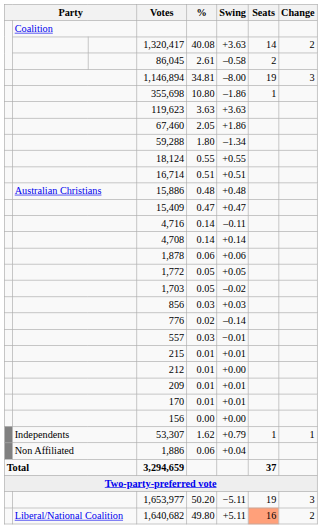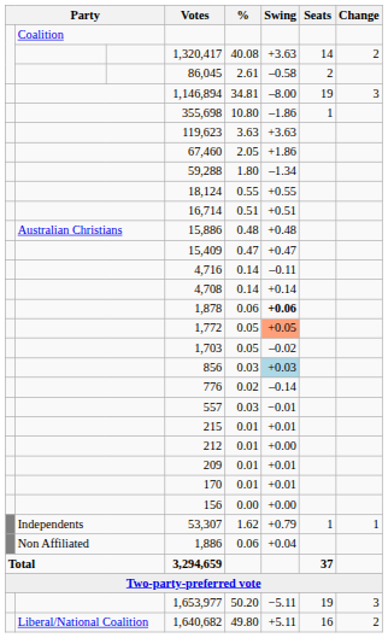 <table class="wikitable">
 <tr>
 <th style="width:200px" colspan=3><strong>Party</strong></th>
 <th style="width:70px; text-align:center;"><strong>Votes</strong></th>
 <th style="width:40px; text-align:center;"><strong>%</strong></th>
 <th style="width:40px; text-align:center;"><strong>Swing</strong></th>
 <th style="width:40px; text-align:center;"><strong>Seats</strong></th>
 <th style="width:40px; text-align:center;"><strong>Change</strong></th>
 </tr>
 <tr>
 <td rowspan=3> </td>
 <td colspan=2><a href='#'>Coalition</a></td>
 <td> </td>
 <td> </td>
 <td> </td>
 <td> </td>
 <td> </td>
 </tr>
 <tr>
 <td> </td>
 <td></td>
 <td align=right>1,320,417</td>
 <td align=right>40.08</td>
 <td align=right>+3.63</td>
 <td align=right>14</td>
 <td align=right> 2</td>
 </tr>
 <tr>
 <td> </td>
 <td></td>
 <td align=right>86,045</td>
 <td align=right>2.61</td>
 <td align=right>–0.58</td>
 <td align=right>2</td>
 <td align=right></td>
 </tr>
 <tr>
 <td> </td>
 <td colspan=2></td>
 <td align=right>1,146,894</td>
 <td align=right>34.81</td>
 <td align=right>–8.00</td>
 <td align=right>19</td>
 <td align=right> 3</td>
 </tr>
 <tr>
 <td> </td>
 <td colspan=2></td>
 <td align=right>355,698</td>
 <td align=right>10.80</td>
 <td align=right>–1.86</td>
 <td align=right>1</td>
 <td align=right></td>
 </tr>
 <tr>
 <td> </td>
 <td colspan=2></td>
 <td align=right>119,623</td>
 <td align=right>3.63</td>
 <td align=right>+3.63</td>
 <td align=right></td>
 <td align=right></td>
 </tr>
 <tr>
 <td> </td>
 <td colspan=2></td>
 <td align=right>67,460</td>
 <td align=right>2.05</td>
 <td align=right>+1.86</td>
 <td align=right></td>
 <td align=right></td>
 </tr>
 <tr>
 <td> </td>
 <td colspan=2></td>
 <td align=right>59,288</td>
 <td align=right>1.80</td>
 <td align=right>–1.34</td>
 <td align=right></td>
 <td align=right></td>
 </tr>
 <tr>
 <td> </td>
 <td colspan=2></td>
 <td align=right>18,124</td>
 <td align=right>0.55</td>
 <td align=right>+0.55</td>
 <td align=right></td>
 <td align=right></td>
 </tr>
 <tr>
 <td> </td>
 <td colspan=2></td>
 <td align=right>16,714</td>
 <td align=right>0.51</td>
 <td align=right>+0.51</td>
 <td align=right></td>
 <td align=right></td>
 </tr>
 <tr>
 <td> </td>
 <td colspan=2><a href='#'>Australian Christians</a></td>
 <td align=right>15,886</td>
 <td align=right>0.48</td>
 <td align=right>+0.48</td>
 <td align=right></td>
 <td align=right></td>
 </tr>
 <tr>
 <td> </td>
 <td colspan=2></td>
 <td align=right>15,409</td>
 <td align=right>0.47</td>
 <td align=right>+0.47</td>
 <td align=right></td>
 <td align=right></td>
 </tr>
 <tr>
 <td> </td>
 <td colspan=2></td>
 <td align=right>4,716</td>
 <td align=right>0.14</td>
 <td align=right>–0.11</td>
 <td align=right></td>
 <td align=right></td>
 </tr>
 <tr>
 <td> </td>
 <td colspan=2></td>
 <td align=right>4,708</td>
 <td align=right>0.14</td>
 <td align=right>+0.14</td>
 <td align=right></td>
 <td align=right></td>
 </tr>
 <tr>
 <td> </td>
 <td colspan=2></td>
 <td align=right>1,878</td>
 <td align=right>0.06</td>
-<td align=right>+0.06</td>
+<td align=right><strong>+0.06</strong></td>
 <td align=right></td>
 <td align=right></td>
 </tr>
 <tr>
 <td> </td>
 <td colspan=2></td>
 <td align=right>1,772</td>
 <td align=right>0.05</td>
-<td align=right>+0.05</td>
+<td align=right style="background: lightsalmon;">+0.05</td>
 <td align=right></td>
 <td align=right></td>
 </tr>
 <tr>
 <td> </td>
 <td colspan=2></td>
 <td align=right>1,703</td>
 <td align=right>0.05</td>
 <td align=right>–0.02</td>
 <td align=right></td>
 <td align=right></td>
 </tr>
 <tr>
 <td> </td>
 <td colspan=2></td>
 <td align=right>856</td>
 <td align=right>0.03</td>
-<td align=right>+0.03</td>
+<td align=right style="background: lightblue;">+0.03</td>
 <td align=right></td>
 <td align=right></td>
 </tr>
 <tr>
 <td> </td>
 <td colspan=2></td>
 <td align=right>776</td>
 <td align=right>0.02</td>
 <td align=right>–0.14</td>
 <td align=right></td>
 <td align=right></td>
 </tr>
 <tr>
 <td> </td>
 <td colspan=2></td>
 <td align=right>557</td>
 <td align=right>0.03</td>
 <td align=right>−0.01</td>
 <td align=right></td>
 <td align=right></td>
 </tr>
 <tr>
 <td> </td>
 <td colspan=2></td>
 <td align=right>215</td>
 <td align=right>0.01</td>
 <td align=right>+0.01</td>
 <td align=right></td>
 <td align=right></td>
 </tr>
 <tr>
 <td> </td>
 <td colspan=2></td>
 <td align=right>212</td>
 <td align=right>0.01</td>
 <td align=right>+0.00</td>
 <td align=right></td>
 <td align=right></td>
 </tr>
 <tr>
 <td> </td>
 <td colspan=2></td>
 <td align=right>209</td>
 <td align=right>0.01</td>
 <td align=right>+0.01</td>
 <td align=right></td>
 <td align=right></td>
 </tr>
 <tr>
 <td> </td>
 <td colspan=2></td>
 <td align=right>170</td>
 <td align=right>0.01</td>
 <td align=right>+0.01</td>
 <td align=right></td>
 <td align=right></td>
 </tr>
 <tr>
 <td> </td>
 <td colspan=2></td>
 <td align=right>156</td>
 <td align=right>0.00</td>
 <td align=right>+0.00</td>
 <td align=right></td>
 <td align=right></td>
 </tr>
 <tr>
 <td style="background:gray;"> </td>
 <td colspan=2>Independents</td>
 <td align=right>53,307</td>
 <td align=right>1.62</td>
 <td align=right>+0.79</td>
 <td align=right>1</td>
 <td align=right> 1</td>
 </tr>
 <tr>
 <td style="background:gray;"> </td>
 <td colspan=2>Non Affiliated</td>
 <td align=right>1,886</td>
 <td align=right>0.06</td>
 <td align=right>+0.04</td>
 <td align=right></td>
 <td align=right></td>
 </tr>
 <tr>
 <td colspan=3><strong>Total</strong></td>
 <td align=right><strong>3,294,659</strong></td>
 <td align=right> </td>
 <td align=right> </td>
 <td align=right><strong>37</strong></td>
 <td align=right></td>
 </tr>
 <tr>
 <td colspan="8" style="text-align:center; background:#eee;"><strong><a href='#'>Two-party-preferred vote</a></strong></td>
 </tr>
 <tr>
 <td> </td>
 <td colspan=2></td>
 <td align=right>1,653,977</td>
 <td align=right>50.20</td>
 <td align=right>−5.11</td>
 <td align=right>19</td>
 <td align=right> 3</td>
 </tr>
 <tr>
 <td> </td>
 <td colspan=2><a href='#'>Liberal/National Coalition</a></td>
 <td align=right>1,640,682</td>
 <td align=right>49.80</td>
 <td align=right>+5.11</td>
-<td align=right style="background: lightsalmon;">16</td>
+<td align=right>16</td>
 <td align=right> 2</td>
 </tr>
 </table>
